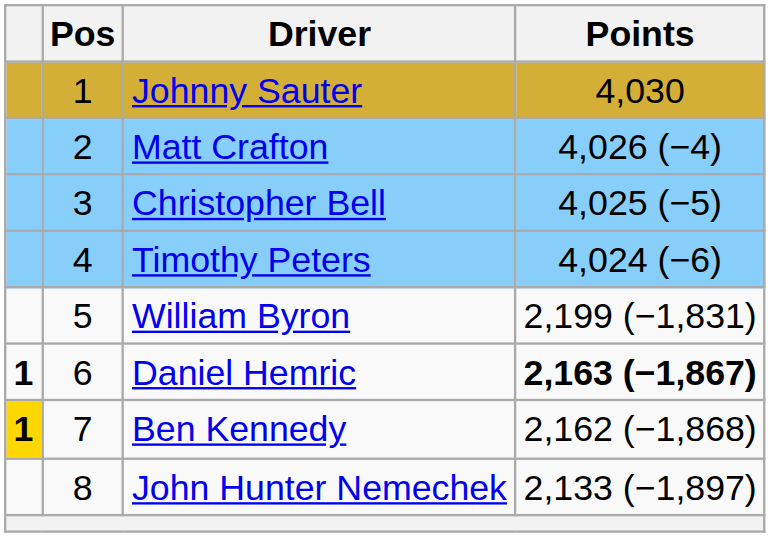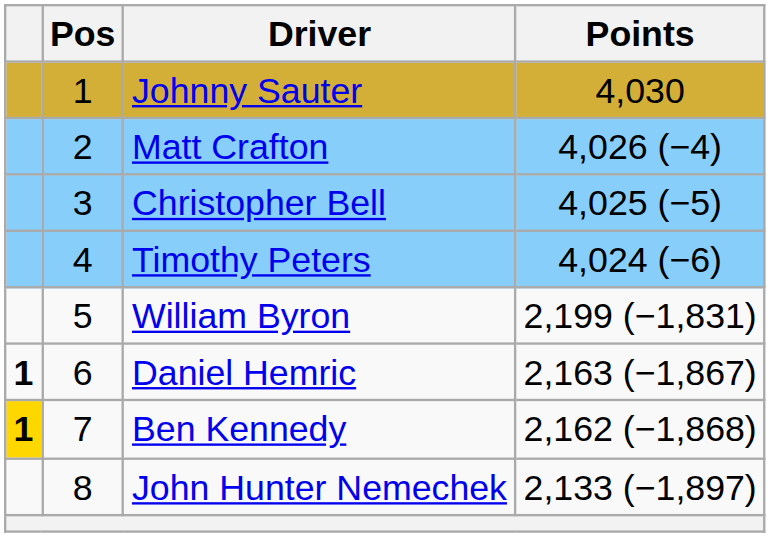 <table class="wikitable" style="font-size: 95%;">
 <tr>
 <th></th>
 <th>Pos</th>
 <th>Driver</th>
 <th>Points</th>
 </tr>
 <tr style="background:#D4AF37;">
 <td align="left"></td>
 <td style="text-align:center;">1</td>
 <td><a href='#'>Johnny Sauter</a></td>
 <td style="text-align:center;">4,030</td>
 </tr>
 <tr style="background:#87CEFA;">
 <td align="left"></td>
 <td style="text-align:center;">2</td>
 <td><a href='#'>Matt Crafton</a></td>
 <td style="text-align:center;">4,026 (−4)</td>
 </tr>
 <tr style="background:#87CEFA;">
 <td align="left"></td>
 <td style="text-align:center;">3</td>
 <td><a href='#'>Christopher Bell</a></td>
 <td style="text-align:center;">4,025 (−5)</td>
 </tr>
 <tr style="background:#87CEFA;">
 <td align="left"></td>
 <td style="text-align:center;">4</td>
 <td><a href='#'>Timothy Peters</a></td>
 <td style="text-align:center;">4,024 (−6)</td>
 </tr>
 <tr>
 <td align="left"></td>
 <td style="text-align:center;">5</td>
 <td><a href='#'>William Byron</a></td>
 <td style="text-align:center;">2,199 (−1,831)</td>
 </tr>
 <tr>
 <td align="left"> <strong>1</strong></td>
 <td style="text-align:center;">6</td>
 <td><a href='#'>Daniel Hemric</a></td>
-<td style="text-align:center;"><strong>2,163 (−1,867)</strong></td>
+<td style="text-align:center;">2,163 (−1,867)</td>
 </tr>
 <tr>
 <td align="left" style="background: gold;"> <strong>1</strong></td>
 <td style="text-align:center;">7</td>
 <td><a href='#'>Ben Kennedy</a></td>
 <td style="text-align:center;">2,162 (−1,868)</td>
 </tr>
 <tr>
 <td align="left"></td>
 <td style="text-align:center;">8</td>
 <td><a href='#'>John Hunter Nemechek</a></td>
 <td style="text-align:center;">2,133 (−1,897)</td>
 </tr>
 <tr class="sortbottom">
 <th colspan="9"></th>
 </tr>
 </table>
